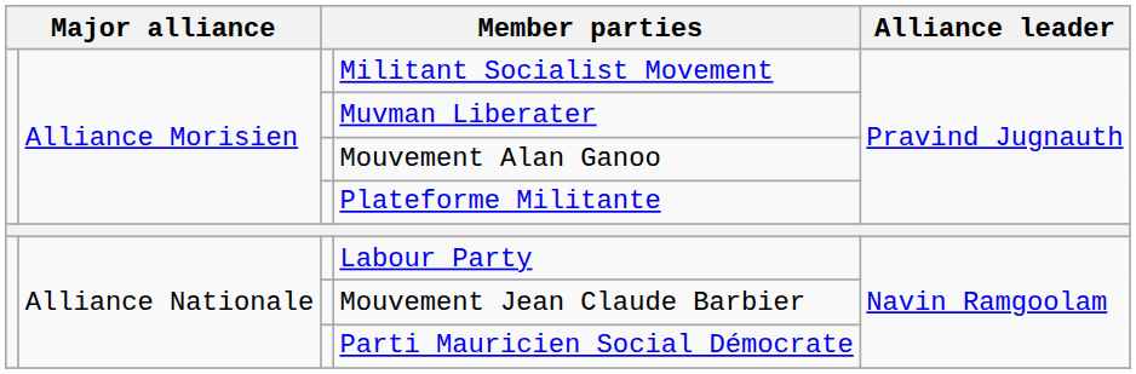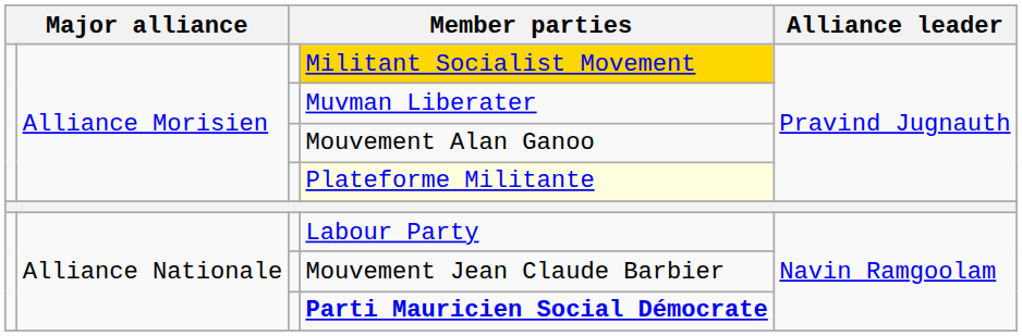 <table class=wikitable>
 <tr>
 <th colspan=2>Major alliance</th>
 <th colspan=2>Member parties</th>
 <th>Alliance leader</th>
 </tr>
 <tr>
 <td rowspan=4 bgcolor=></td>
 <td rowspan=4><a href='#'>Alliance Morisien</a></td>
 <td bgcolor=></td>
-<td><a href='#'>Militant Socialist Movement</a></td>
+<td style="background: gold;"><a href='#'>Militant Socialist Movement</a></td>
 <td rowspan=4><a href='#'>Pravind Jugnauth</a></td>
 </tr>
 <tr>
 <td bgcolor=></td>
 <td><a href='#'>Muvman Liberater</a></td>
 </tr>
 <tr>
 <td bgcolor=></td>
 <td>Mouvement Alan Ganoo</td>
 </tr>
 <tr>
 <td bgcolor=></td>
-<td><a href='#'>Plateforme Militante</a></td>
+<td style="background: lightyellow;"><a href='#'>Plateforme Militante</a></td>
 </tr>
 <tr>
 <th colspan=5></th>
 </tr>
 <tr>
 <td rowspan=3 bgcolor=></td>
 <td rowspan=3>Alliance Nationale</td>
 <td bgcolor=></td>
 <td><a href='#'>Labour Party</a></td>
 <td rowspan=3><a href='#'>Navin Ramgoolam</a></td>
 </tr>
 <tr>
 <td bgcolor=></td>
 <td>Mouvement Jean Claude Barbier</td>
 </tr>
 <tr>
 <td bgcolor=></td>
-<td><a href='#'>Parti Mauricien Social Démocrate</a></td>
+<td><strong><a href='#'>Parti Mauricien Social Démocrate</a></strong></td>
 </tr>
 </table>
